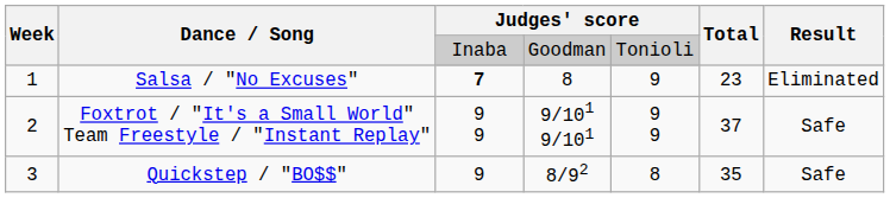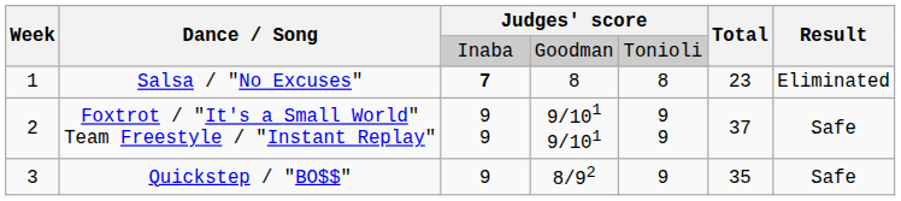 <table class="wikitable" style="text-align:center;">
 <tr style="text-align:center;">
 <th rowspan="2" bgcolor="#CCCCCC" align="Center">Week</th>
 <th rowspan="2" bgcolor="#CCCCCC" align="Center">Dance / Song</th>
 <th colspan="3" bgcolor="#CCCCCC" align="Center">Judges' score</th>
 <th rowspan="2">Total</th>
 <th rowspan="2" bgcolor="#CCCCCC" align="Center">Result</th>
 </tr>
 <tr>
 <td bgcolor="#CCCCCC" width="10%" align="center">Inaba</td>
 <td bgcolor="#CCCCCC" width="10%" align="center">Goodman</td>
 <td bgcolor="#CCCCCC" width="10%" align="center">Tonioli</td>
 </tr>
 <tr>
 <td>1</td>
 <td><a href='#'>Salsa</a> / "<a href='#'>No Excuses</a>"</td>
 <td><strong>7</strong></td>
 <td>8</td>
-<td>9</td>
+<td>8</td>
 <td>23</td>
 <td>Eliminated</td>
 </tr>
 <tr>
 <td>2</td>
 <td><a href='#'>Foxtrot</a> / "<a href='#'>It's a Small World</a>"<br>Team <a href='#'>Freestyle</a> / "<a href='#'>Instant Replay</a>"</td>
 <td>9<br>9</td>
 <td>9/10<sup>1</sup><br>9/10<sup>1</sup></td>
 <td>9<br>9</td>
 <td>37</td>
 <td>Safe</td>
 </tr>
 <tr>
 <td>3</td>
 <td><a href='#'>Quickstep</a> / "<a href='#'>BO$$</a>"</td>
 <td>9</td>
 <td>8/9<sup>2</sup></td>
-<td>8</td>
+<td>9</td>
 <td>35</td>
 <td>Safe</td>
 </tr>
 </table>
